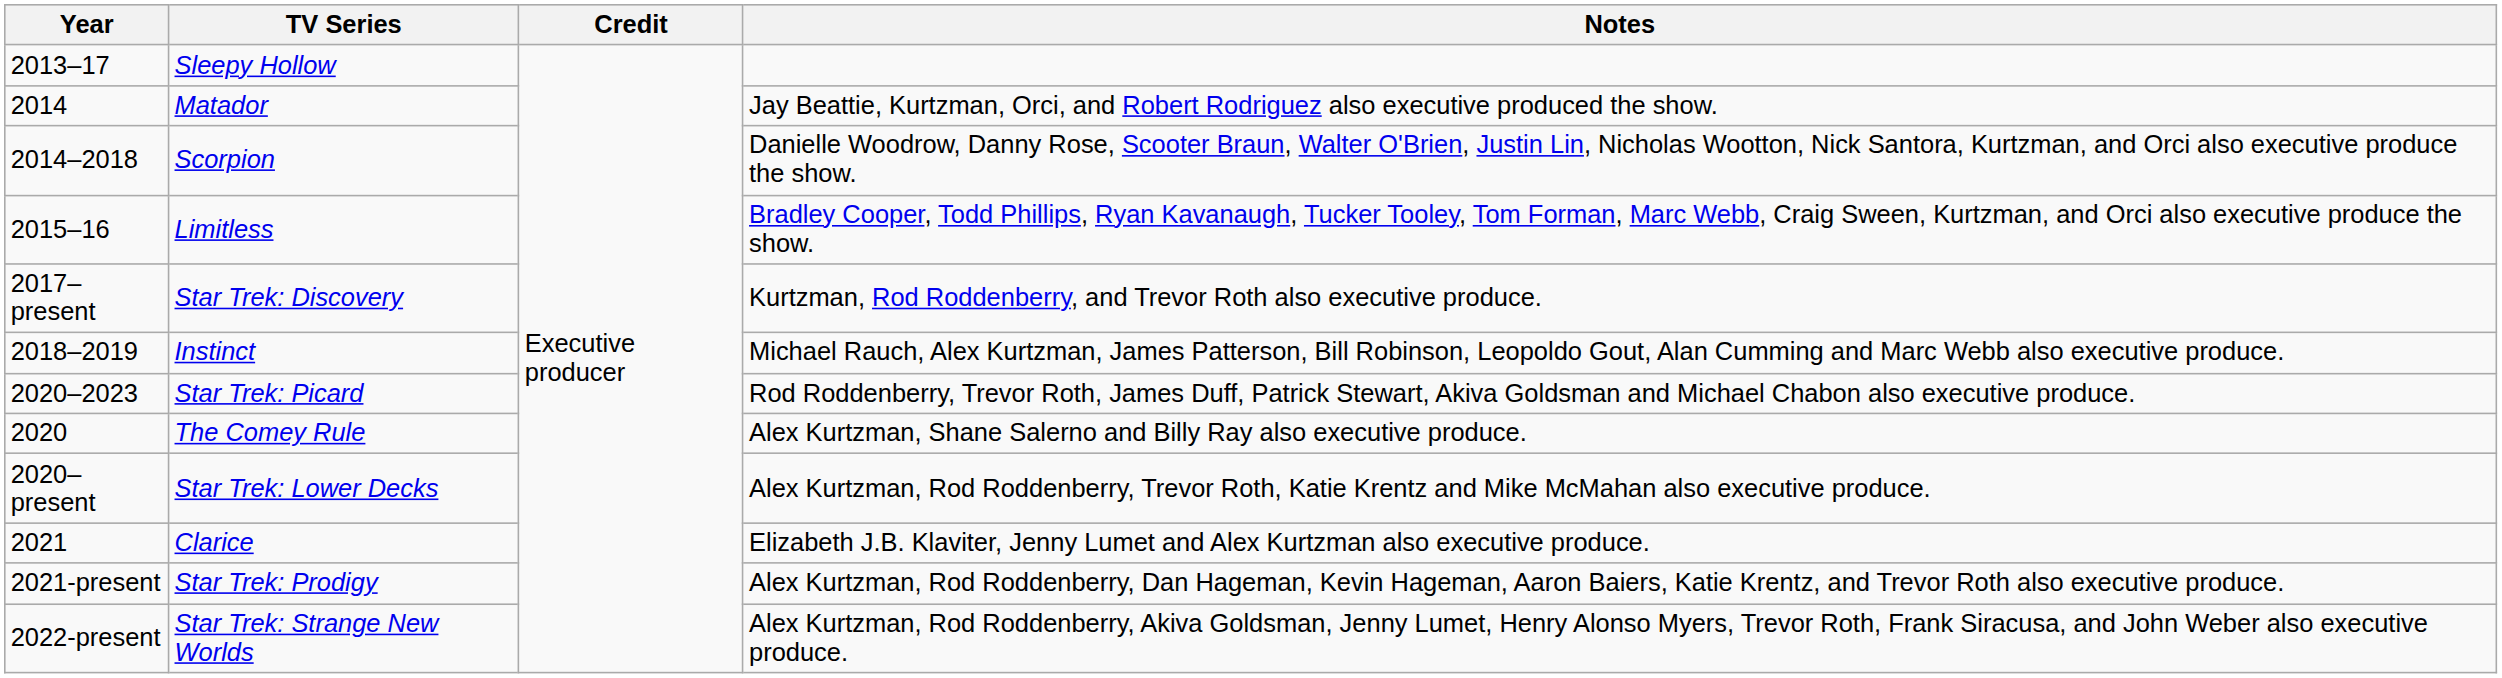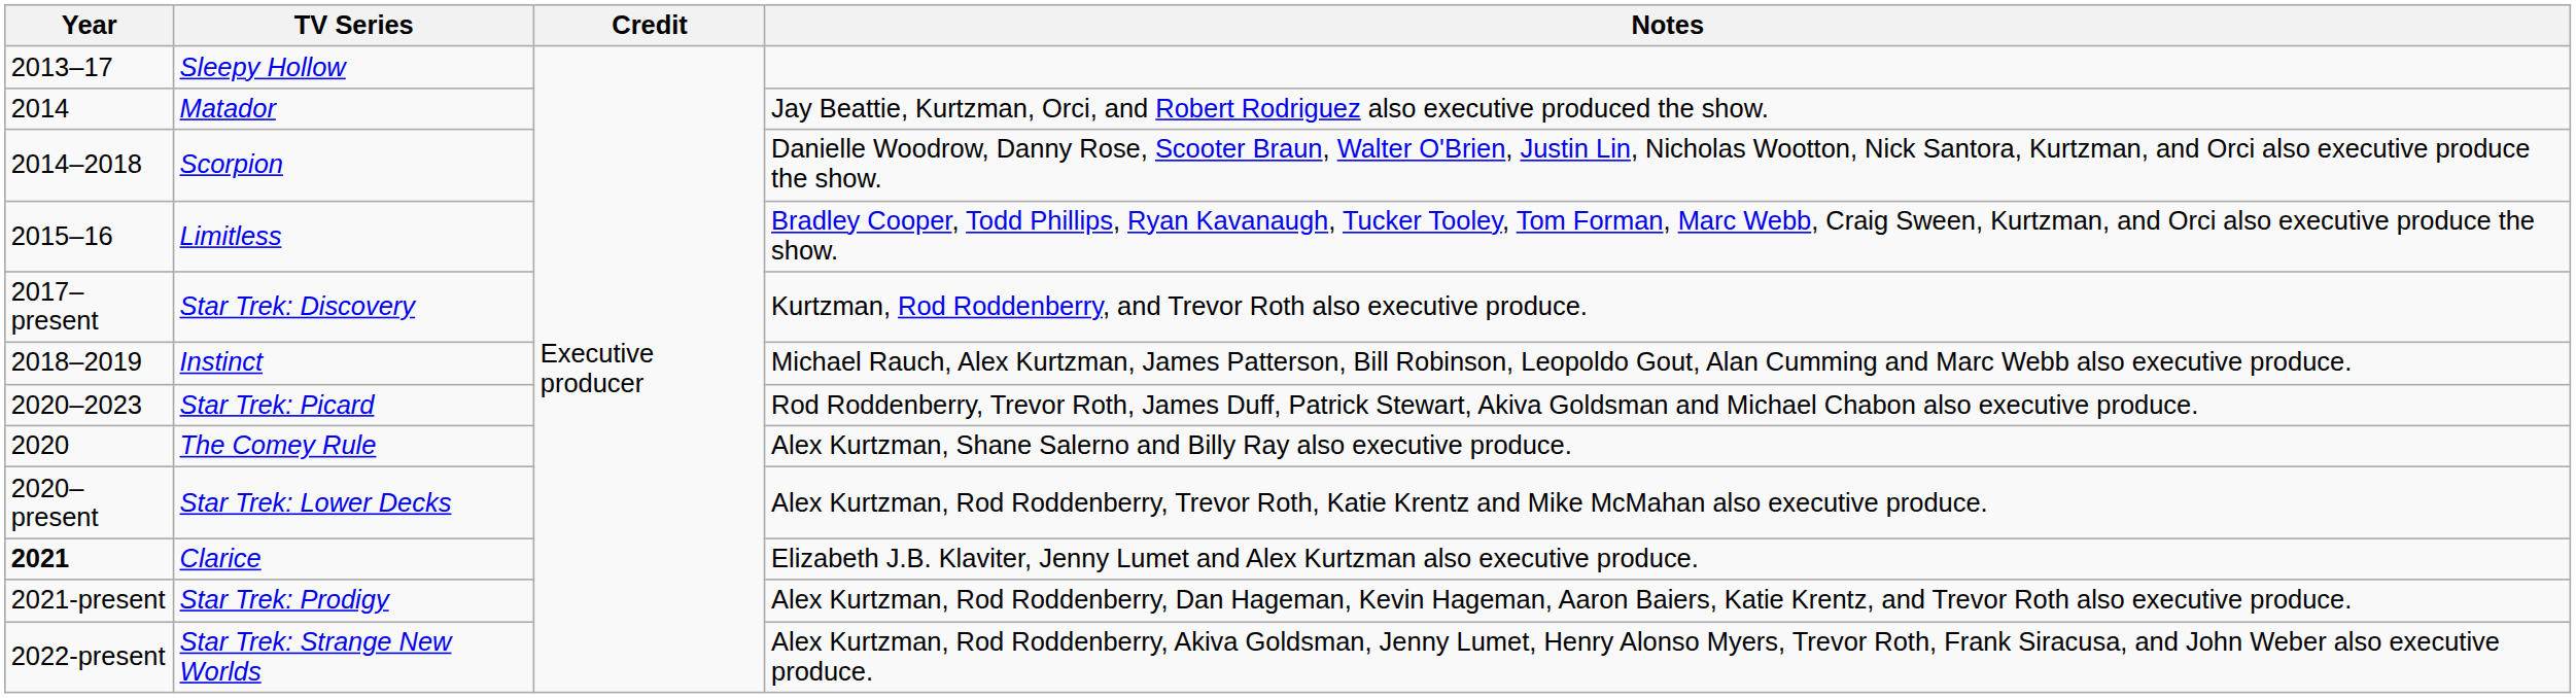 <table class="wikitable">
 <tr>
 <th>Year</th>
 <th>TV Series</th>
 <th>Credit</th>
 <th>Notes</th>
 </tr>
 <tr>
 <td>2013–17</td>
 <td><em><a href='#'>Sleepy Hollow</a></em></td>
 <td rowspan="12">Executive producer</td>
 <td></td>
 </tr>
 <tr>
 <td>2014</td>
 <td><em><a href='#'>Matador</a></em></td>
 <td>Jay Beattie, Kurtzman, Orci, and <a href='#'>Robert Rodriguez</a> also executive produced the show.</td>
 </tr>
 <tr>
 <td>2014–2018</td>
 <td><em><a href='#'>Scorpion</a></em></td>
 <td>Danielle Woodrow, Danny Rose, <a href='#'>Scooter Braun</a>, <a href='#'>Walter O'Brien</a>, <a href='#'>Justin Lin</a>, Nicholas Wootton, Nick Santora, Kurtzman, and Orci also executive produce the show.</td>
 </tr>
 <tr>
 <td>2015–16</td>
 <td><em><a href='#'>Limitless</a></em></td>
 <td><a href='#'>Bradley Cooper</a>, <a href='#'>Todd Phillips</a>, <a href='#'>Ryan Kavanaugh</a>, <a href='#'>Tucker Tooley</a>, <a href='#'>Tom Forman</a>, <a href='#'>Marc Webb</a>, Craig Sween, Kurtzman, and Orci also executive produce the show.</td>
 </tr>
 <tr>
 <td>2017–present</td>
 <td><em><a href='#'>Star Trek: Discovery</a></em></td>
 <td>Kurtzman, <a href='#'>Rod Roddenberry</a>, and Trevor Roth also executive produce.</td>
 </tr>
 <tr>
 <td>2018–2019</td>
 <td><em><a href='#'>Instinct</a></em></td>
 <td>Michael Rauch, Alex Kurtzman, James Patterson, Bill Robinson, Leopoldo Gout, Alan Cumming and Marc Webb also executive produce.</td>
 </tr>
 <tr>
 <td>2020–2023</td>
 <td><em><a href='#'>Star Trek: Picard</a></em></td>
 <td>Rod Roddenberry, Trevor Roth, James Duff, Patrick Stewart, Akiva Goldsman and Michael Chabon also executive produce.</td>
 </tr>
 <tr>
 <td>2020</td>
 <td><em><a href='#'>The Comey Rule</a></em></td>
 <td>Alex Kurtzman, Shane Salerno and Billy Ray also executive produce.</td>
 </tr>
 <tr>
 <td>2020–present</td>
 <td><em><a href='#'>Star Trek: Lower Decks</a></em></td>
 <td>Alex Kurtzman, Rod Roddenberry, Trevor Roth, Katie Krentz and Mike McMahan also executive produce.</td>
 </tr>
 <tr>
-<td>2021</td>
+<td><strong>2021</strong></td>
 <td><em><a href='#'>Clarice</a></em></td>
 <td>Elizabeth J.B. Klaviter, Jenny Lumet and Alex Kurtzman also executive produce.</td>
 </tr>
 <tr>
 <td>2021-present</td>
 <td><em><a href='#'>Star Trek: Prodigy</a></em></td>
 <td>Alex Kurtzman, Rod Roddenberry, Dan Hageman, Kevin Hageman, Aaron Baiers, Katie Krentz, and Trevor Roth also executive produce.</td>
 </tr>
 <tr>
 <td>2022-present</td>
 <td><em><a href='#'>Star Trek: Strange New Worlds</a></em></td>
 <td>Alex Kurtzman, Rod Roddenberry, Akiva Goldsman, Jenny Lumet, Henry Alonso Myers, Trevor Roth, Frank Siracusa, and John Weber also executive produce.</td>
 </tr>
 </table>
